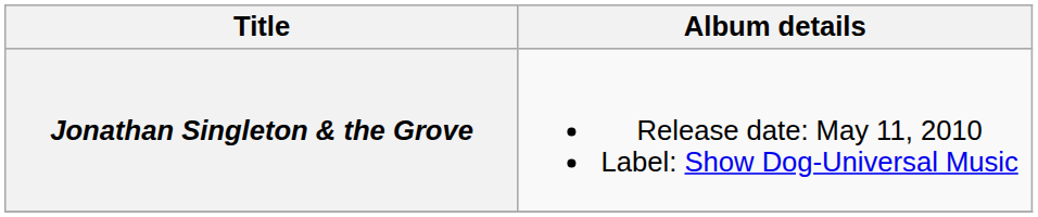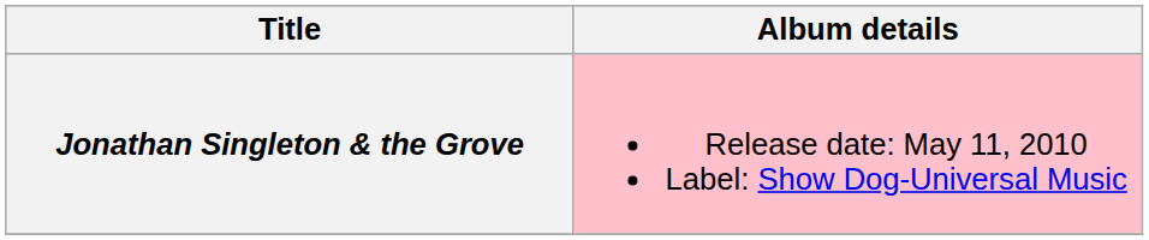 <table class="wikitable plainrowheaders" style="text-align:center;">
 <tr>
 <th style="width:18em;">Title</th>
 <th style="width:18em;">Album details</th>
 </tr>
 <tr>
 <th scope="row"><em>Jonathan Singleton & the Grove</em></th>
-<td><br><ul><li>Release date: May 11, 2010</li><li>Label: <a href='#'>Show Dog-Universal Music</a></li></ul></td>
+<td style="background: pink;"><br><ul><li>Release date: May 11, 2010</li><li>Label: <a href='#'>Show Dog-Universal Music</a></li></ul></td>
 </tr>
 <tr>
 </tr>
 </table>
